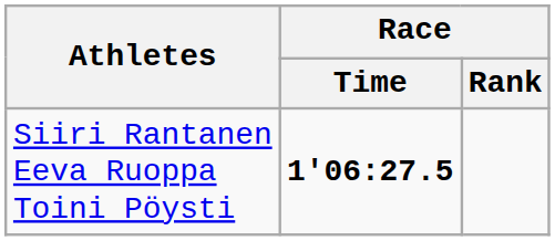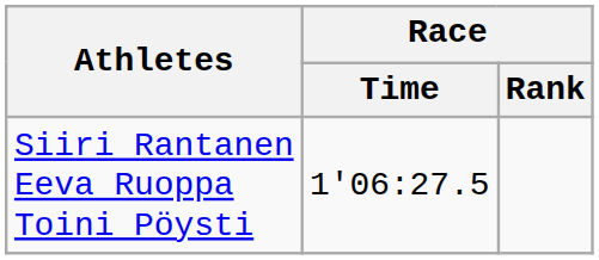 <table class="wikitable" border="1" style="font-size:90%">
 <tr>
 <th rowspan=2>Athletes</th>
 <th colspan=2>Race</th>
 </tr>
 <tr>
 <th>Time</th>
 <th>Rank</th>
 </tr>
 <tr>
 <td><a href='#'>Siiri Rantanen</a><br><a href='#'>Eeva Ruoppa</a><br><a href='#'>Toini Pöysti</a></td>
-<td align=center><strong>1'06:27.5</strong></td>
+<td align=center>1'06:27.5</td>
 <td align=center></td>
 </tr>
 </table>
